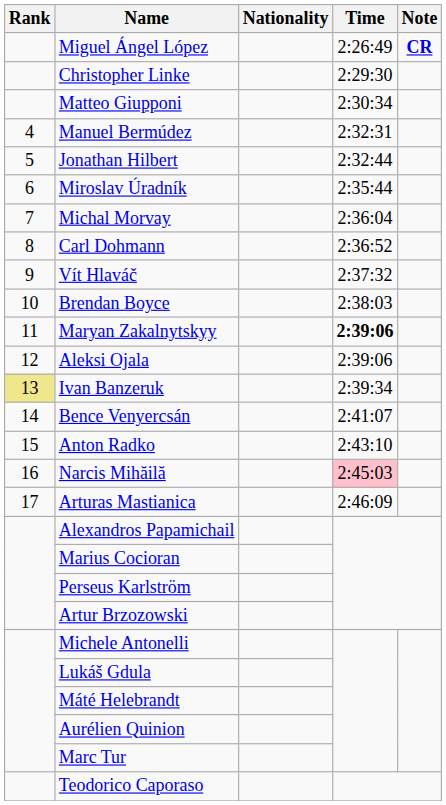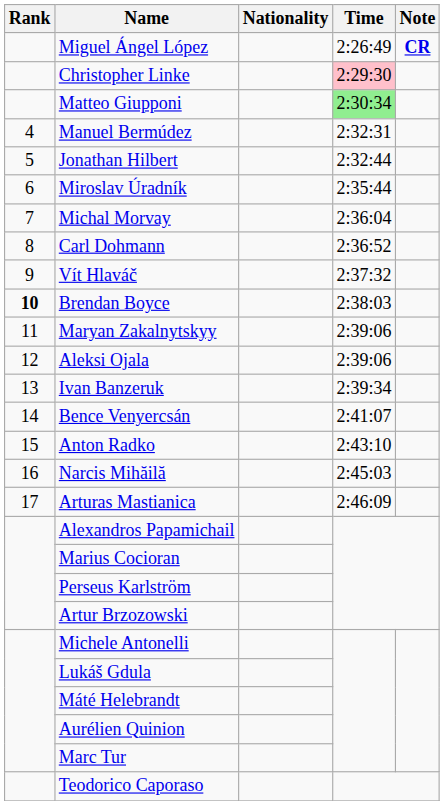 <table class="wikitable sortable"  style="text-align:center">
 <tr>
 <th>Rank</th>
 <th>Name</th>
 <th>Nationality</th>
 <th>Time</th>
 <th>Note</th>
 </tr>
 <tr>
 <td></td>
 <td align=left><a href='#'>Miguel Ángel López</a></td>
 <td align=left></td>
 <td>2:26:49</td>
 <td><strong><a href='#'>CR</a></strong></td>
 </tr>
 <tr>
 <td></td>
 <td align=left><a href='#'>Christopher Linke</a></td>
 <td align=left></td>
-<td>2:29:30</td>
+<td style="background: pink;">2:29:30</td>
 <td></td>
 </tr>
 <tr>
 <td></td>
 <td align=left><a href='#'>Matteo Giupponi</a></td>
 <td align=left></td>
-<td>2:30:34</td>
+<td style="background: lightgreen;">2:30:34</td>
 <td></td>
 </tr>
 <tr>
 <td>4</td>
 <td align=left><a href='#'>Manuel Bermúdez</a></td>
 <td align=left></td>
 <td>2:32:31</td>
 <td></td>
 </tr>
 <tr>
 <td>5</td>
 <td align=left><a href='#'>Jonathan Hilbert</a></td>
 <td align=left></td>
 <td>2:32:44</td>
 <td></td>
 </tr>
 <tr>
 <td>6</td>
 <td align=left><a href='#'>Miroslav Úradník</a></td>
 <td align=left></td>
 <td>2:35:44</td>
 <td></td>
 </tr>
 <tr>
 <td>7</td>
 <td align=left><a href='#'>Michal Morvay</a></td>
 <td align=left></td>
 <td>2:36:04</td>
 <td></td>
 </tr>
 <tr>
 <td>8</td>
 <td align=left><a href='#'>Carl Dohmann</a></td>
 <td align=left></td>
 <td>2:36:52</td>
 <td></td>
 </tr>
 <tr>
 <td>9</td>
 <td align=left><a href='#'>Vít Hlaváč</a></td>
 <td align=left></td>
 <td>2:37:32</td>
 <td></td>
 </tr>
 <tr>
-<td>10</td>
+<td><strong>10</strong></td>
 <td align=left><a href='#'>Brendan Boyce</a></td>
 <td align=left></td>
 <td>2:38:03</td>
 <td></td>
 </tr>
 <tr>
 <td>11</td>
 <td align=left><a href='#'>Maryan Zakalnytskyy</a></td>
 <td align=left></td>
-<td><strong>2:39:06</strong></td>
+<td>2:39:06</td>
 <td></td>
 </tr>
 <tr>
 <td>12</td>
 <td align=left><a href='#'>Aleksi Ojala</a></td>
 <td align=left></td>
 <td>2:39:06</td>
 <td></td>
 </tr>
 <tr>
-<td style="background: khaki;">13</td>
+<td>13</td>
 <td align=left><a href='#'>Ivan Banzeruk</a></td>
 <td align=left></td>
 <td>2:39:34</td>
 <td></td>
 </tr>
 <tr>
 <td>14</td>
 <td align=left><a href='#'>Bence Venyercsán</a></td>
 <td align=left></td>
 <td>2:41:07</td>
 <td></td>
 </tr>
 <tr>
 <td>15</td>
 <td align=left><a href='#'>Anton Radko</a></td>
 <td align=left></td>
 <td>2:43:10</td>
 <td></td>
 </tr>
 <tr>
 <td>16</td>
 <td align=left><a href='#'>Narcis Mihăilă</a></td>
 <td align=left></td>
-<td style="background: pink;">2:45:03</td>
+<td>2:45:03</td>
 <td></td>
 </tr>
 <tr>
 <td>17</td>
 <td align=left><a href='#'>Arturas Mastianica</a></td>
 <td align=left></td>
 <td>2:46:09</td>
 <td></td>
 </tr>
 <tr>
 <td rowspan=4></td>
 <td align=left><a href='#'>Alexandros Papamichail</a></td>
 <td align=left></td>
 <td colspan=2 rowspan=4></td>
 </tr>
 <tr>
 <td align=left><a href='#'>Marius Cocioran</a></td>
 <td align=left></td>
 </tr>
 <tr>
 <td align=left><a href='#'>Perseus Karlström</a></td>
 <td align=left></td>
 </tr>
 <tr>
 <td align=left><a href='#'>Artur Brzozowski</a></td>
 <td align=left></td>
 </tr>
 <tr>
 <td rowspan=5></td>
 <td align=left><a href='#'>Michele Antonelli</a></td>
 <td align=left></td>
 <td rowspan=5></td>
 <td rowspan=5></td>
 </tr>
 <tr>
 <td align=left><a href='#'>Lukáš Gdula</a></td>
 <td align=left></td>
 </tr>
 <tr>
 <td align=left><a href='#'>Máté Helebrandt</a></td>
 <td align=left></td>
 </tr>
 <tr>
 <td align=left><a href='#'>Aurélien Quinion</a></td>
 <td align=left></td>
 </tr>
 <tr>
 <td align=left><a href='#'>Marc Tur</a></td>
 <td align=left></td>
 </tr>
 <tr>
 <td></td>
 <td align=left><a href='#'>Teodorico Caporaso</a></td>
 <td align=left></td>
 <td colspan=2></td>
 </tr>
 </table>
